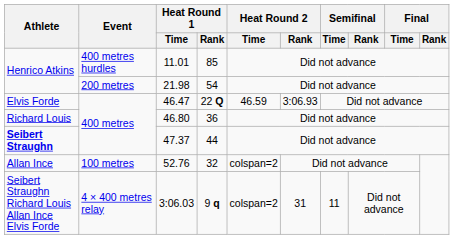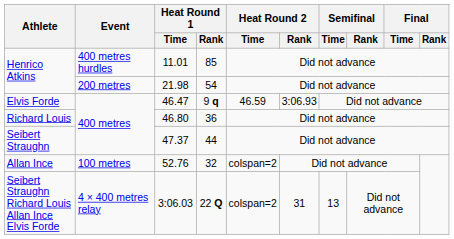 <table class=wikitable style="font-size:90%; text-align:center">
 <tr>
 <th rowspan=2>Athlete</th>
 <th rowspan=2>Event</th>
 <th colspan=2>Heat Round 1</th>
 <th colspan=2>Heat Round 2</th>
 <th colspan=2>Semifinal</th>
 <th colspan=2>Final</th>
 </tr>
 <tr style=font-size:95%>
 <th>Time</th>
 <th>Rank</th>
 <th>Time</th>
 <th>Rank</th>
 <th>Time</th>
 <th>Rank</th>
 <th>Time</th>
 <th>Rank</th>
 </tr>
 <tr align=center>
 <td align=left rowspan=2><a href='#'>Henrico Atkins</a></td>
 <td align=left><a href='#'>400 metres hurdles</a></td>
 <td>11.01</td>
 <td>85</td>
 <td colspan=6>Did not advance</td>
 </tr>
 <tr align=center>
 <td align=left><a href='#'>200 metres</a></td>
 <td>21.98</td>
 <td>54</td>
 <td colspan=6>Did not advance</td>
 </tr>
 <tr align=center>
 <td align=left><a href='#'>Elvis Forde</a></td>
 <td align=left rowspan=3><a href='#'>400 metres</a></td>
 <td>46.47</td>
-<td>22 <strong>Q</strong></td>
+<td>9 <strong>q</strong></td>
 <td>46.59</td>
 <td>3:06.93</td>
 <td colspan=4>Did not advance</td>
 </tr>
 <tr align=center>
 <td align=left><a href='#'>Richard Louis</a></td>
 <td>46.80</td>
 <td>36</td>
 <td colspan=6>Did not advance</td>
 </tr>
 <tr align=center>
-<td align=left><strong><a href='#'>Seibert Straughn</a></strong></td>
+<td align=left><a href='#'>Seibert Straughn</a></td>
 <td>47.37</td>
 <td>44</td>
 <td colspan=6>Did not advance</td>
 </tr>
 <tr align=center>
 <td align=left><a href='#'>Allan Ince</a></td>
 <td align=left><a href='#'>100 metres</a></td>
 <td>52.76</td>
 <td>32</td>
 <td>colspan=2</td>
 <td colspan=4>Did not advance</td>
 </tr>
 <tr align=center>
 <td align=left><a href='#'>Seibert Straughn</a><br><a href='#'>Richard Louis</a><br><a href='#'>Allan Ince</a><br><a href='#'>Elvis Forde</a></td>
 <td align=left><a href='#'>4 × 400 metres relay</a></td>
 <td>3:06.03</td>
-<td>9 <strong>q</strong></td>
+<td>22 <strong>Q</strong></td>
 <td>colspan=2</td>
 <td>31</td>
-<td>11</td>
+<td>13</td>
 <td colspan=2>Did not advance</td>
 </tr>
 </table>
